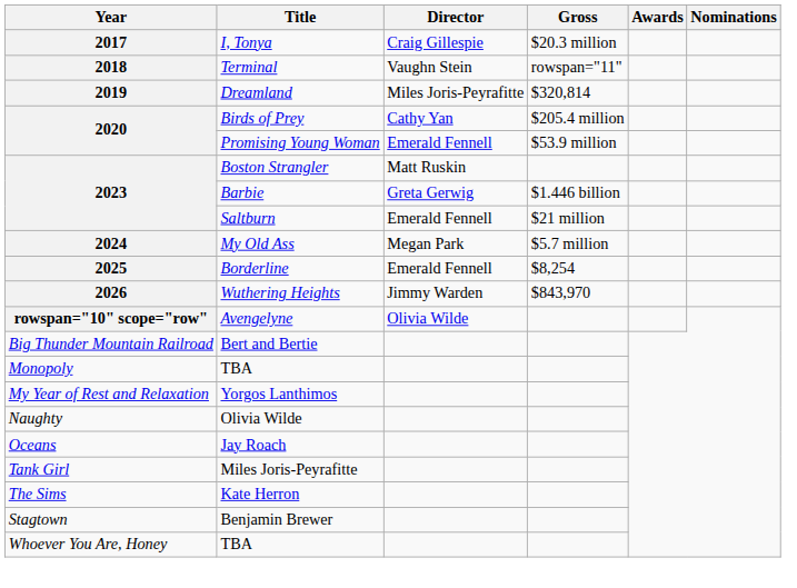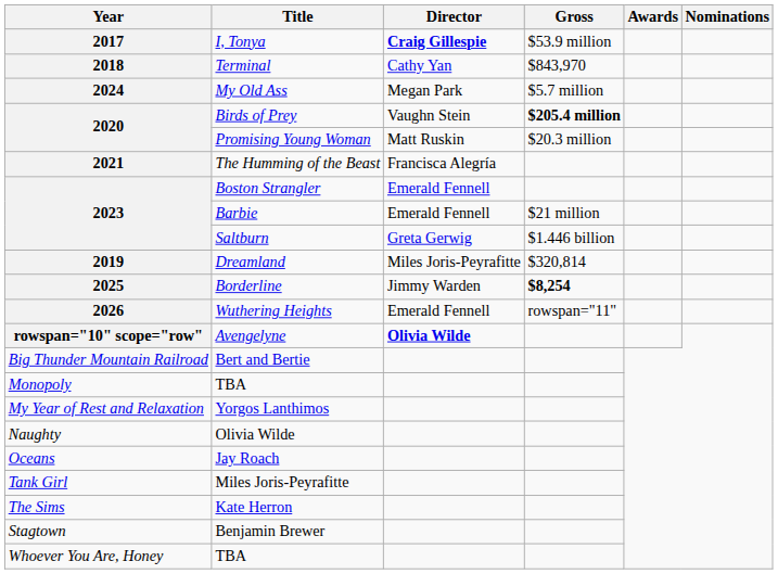 <table class="wikitable sortable plainrowheaders">
 <tr style="background:#ccc; text-align:center;">
 <th scope="col">Year</th>
 <th scope="col">Title</th>
 <th scope="col">Director</th>
 <th scope="col">Gross</th>
 <th scope="col">Awards</th>
 <th scope="col">Nominations</th>
 </tr>
 <tr>
 <th scope="row">2017</th>
 <td><em><a href='#'>I, Tonya</a></em></td>
-<td><a href='#'>Craig Gillespie</a></td>
-<td>$20.3 million</td>
+<td><strong><a href='#'>Craig Gillespie</a></strong></td>
+<td>$53.9 million</td>
 <td></td>
 <td></td>
 </tr>
 <tr>
 <th scope="row">2018</th>
 <td><em><a href='#'>Terminal</a></em></td>
+<td><a href='#'>Cathy Yan</a></td>
+<td>$843,970</td>
+<td></td>
+<td></td>
+</tr>
+<tr>
+<th scope="row">2024</th>
+<td><em><a href='#'>My Old Ass</a></em></td>
+<td>Megan Park</td>
+<td>$5.7 million</td>
+<td></td>
+<td></td>
+</tr>
+<tr>
+<th rowspan="2" scope="row">2020</th>
+<td><em><a href='#'>Birds of Prey</a></em></td>
 <td>Vaughn Stein</td>
-<td>rowspan="11" </td>
+<td><strong>$205.4 million</strong></td>
+<td></td>
+<td></td>
+</tr>
+<tr>
+<td><em><a href='#'>Promising Young Woman</a></em></td>
+<td>Matt Ruskin</td>
+<td>$20.3 million</td>
+<td></td>
+<td></td>
+</tr>
+<tr>
+<th scope="row">2021</th>
+<td><em>The Humming of the Beast</em></td>
+<td>Francisca Alegría</td>
+<td></td>
+<td></td>
+<td></td>
+</tr>
+<tr>
+<th rowspan="3" scope="row">2023</th>
+<td><em><a href='#'>Boston Strangler</a></em></td>
+<td><a href='#'>Emerald Fennell</a></td>
+<td></td>
+<td></td>
+<td></td>
+</tr>
+<tr>
+<td><em><a href='#'>Barbie</a></em></td>
+<td>Emerald Fennell</td>
+<td>$21 million</td>
+<td></td>
+<td></td>
+</tr>
+<tr>
+<td><em><a href='#'>Saltburn</a></em></td>
+<td><a href='#'>Greta Gerwig</a></td>
+<td>$1.446 billion</td>
 <td></td>
 <td></td>
 </tr>
 <tr>
 <th scope="row">2019</th>
 <td><em><a href='#'>Dreamland</a></em></td>
 <td>Miles Joris-Peyrafitte</td>
 <td>$320,814</td>
 <td></td>
 <td></td>
 </tr>
 <tr>
-<th rowspan="2" scope="row">2020</th>
-<td><em><a href='#'>Birds of Prey</a></em></td>
-<td><a href='#'>Cathy Yan</a></td>
-<td>$205.4 million</td>
-<td></td>
-<td></td>
-</tr>
-<tr>
-<td><em><a href='#'>Promising Young Woman</a></em></td>
-<td><a href='#'>Emerald Fennell</a></td>
-<td>$53.9 million</td>
-<td></td>
-<td></td>
-</tr>
-<tr>
-<th rowspan="3" scope="row">2023</th>
-<td><em><a href='#'>Boston Strangler</a></em></td>
-<td>Matt Ruskin</td>
-<td></td>
-<td></td>
-<td></td>
-</tr>
-<tr>
-<td><em><a href='#'>Barbie</a></em></td>
-<td><a href='#'>Greta Gerwig</a></td>
-<td>$1.446 billion</td>
-<td></td>
-<td></td>
-</tr>
-<tr>
-<td><em><a href='#'>Saltburn</a></em></td>
-<td>Emerald Fennell</td>
-<td>$21 million</td>
-<td></td>
-<td></td>
-</tr>
-<tr>
-<th scope="row">2024</th>
-<td><em><a href='#'>My Old Ass</a></em></td>
-<td>Megan Park</td>
-<td>$5.7 million</td>
-<td></td>
-<td></td>
-</tr>
-<tr>
 <th scope="row">2025</th>
 <td><em><a href='#'>Borderline</a></em></td>
-<td>Emerald Fennell</td>
-<td>$8,254</td>
+<td>Jimmy Warden</td>
+<td><strong>$8,254</strong></td>
 <td></td>
 </tr>
 <tr>
 <th scope="row">2026</th>
 <td><em><a href='#'>Wuthering Heights</a></em></td>
-<td>Jimmy Warden</td>
-<td>$843,970</td>
+<td>Emerald Fennell</td>
+<td>rowspan="11" </td>
 <td></td>
 <td></td>
 </tr>
 <tr>
 <th>rowspan="10" scope="row" </th>
 <td><em><a href='#'>Avengelyne</a></em></td>
-<td><a href='#'>Olivia Wilde</a></td>
+<td><strong><a href='#'>Olivia Wilde</a></strong></td>
 <td></td>
 <td></td>
 </tr>
 <tr>
 <td><em><a href='#'>Big Thunder Mountain Railroad</a></em></td>
 <td><a href='#'>Bert and Bertie</a></td>
 <td></td>
 <td></td>
 </tr>
 <tr>
 <td><em><a href='#'>Monopoly</a></em></td>
 <td>TBA</td>
 <td></td>
 <td></td>
 </tr>
 <tr>
 <td><em><a href='#'>My Year of Rest and Relaxation</a></em></td>
 <td><a href='#'>Yorgos Lanthimos</a></td>
 <td></td>
 <td></td>
 </tr>
 <tr>
 <td><em>Naughty</em></td>
 <td>Olivia Wilde</td>
 <td></td>
 <td></td>
 </tr>
 <tr>
 <td><em><a href='#'>Oceans</a></em></td>
 <td><a href='#'>Jay Roach</a></td>
 <td></td>
 <td></td>
 </tr>
 <tr>
 <td><em><a href='#'>Tank Girl</a></em></td>
 <td>Miles Joris-Peyrafitte</td>
 <td></td>
 <td></td>
 </tr>
 <tr>
 <td><em><a href='#'>The Sims</a></em></td>
 <td><a href='#'>Kate Herron</a></td>
 <td></td>
 <td></td>
 </tr>
 <tr>
 <td><em>Stagtown</em></td>
 <td>Benjamin Brewer</td>
 <td></td>
 <td></td>
 </tr>
 <tr>
 <td><em>Whoever You Are, Honey</em></td>
 <td>TBA</td>
 <td></td>
 <td></td>
 </tr>
 </table>
